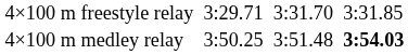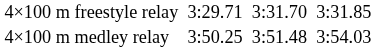 <table>
 <tr>
 <td>4×100 m freestyle relay</td>
 <td></td>
 <td>3:29.71</td>
 <td></td>
 <td>3:31.70</td>
 <td></td>
 <td>3:31.85</td>
 </tr>
 <tr>
 <td>4×100 m medley relay</td>
 <td></td>
 <td>3:50.25</td>
 <td></td>
 <td>3:51.48</td>
 <td></td>
-<td><strong>3:54.03</strong></td>
+<td>3:54.03</td>
 </tr>
 </table>
